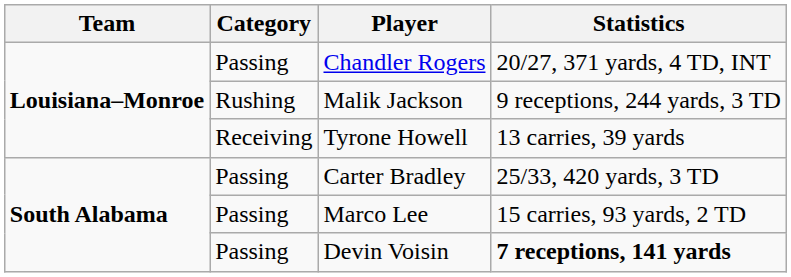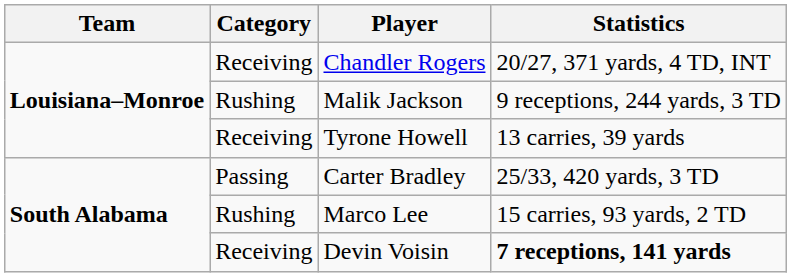 <table class="wikitable" style="float: right;">
 <tr>
 <th>Team</th>
 <th>Category</th>
 <th>Player</th>
 <th>Statistics</th>
 </tr>
 <tr>
 <td rowspan=3><strong>Louisiana–Monroe</strong></td>
-<td>Passing</td>
+<td>Receiving</td>
 <td><a href='#'>Chandler Rogers</a></td>
 <td>20/27, 371 yards, 4 TD, INT</td>
 </tr>
 <tr>
 <td>Rushing</td>
 <td>Malik Jackson</td>
 <td>9 receptions, 244 yards, 3 TD</td>
 </tr>
 <tr>
 <td>Receiving</td>
 <td>Tyrone Howell</td>
 <td>13 carries, 39 yards</td>
 </tr>
 <tr>
 <td rowspan=3><strong>South Alabama</strong></td>
 <td>Passing</td>
 <td>Carter Bradley</td>
 <td>25/33, 420 yards, 3 TD</td>
 </tr>
 <tr>
-<td>Passing</td>
+<td>Rushing</td>
 <td>Marco Lee</td>
 <td>15 carries, 93 yards, 2 TD</td>
 </tr>
 <tr>
-<td>Passing</td>
+<td>Receiving</td>
 <td>Devin Voisin</td>
 <td><strong>7 receptions, 141 yards</strong></td>
 </tr>
 </table>
